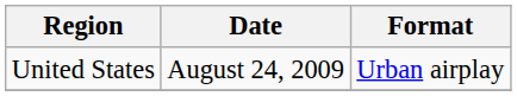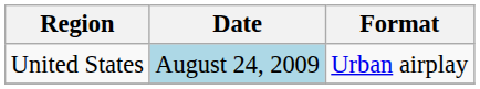 <table class="wikitable">
 <tr>
 <th>Region</th>
 <th>Date</th>
 <th>Format</th>
 </tr>
 <tr>
 <td rowspan="1">United States</td>
-<td>August 24, 2009</td>
+<td style="background: lightblue;">August 24, 2009</td>
 <td><a href='#'>Urban</a> airplay</td>
 </tr>
 <tr>
 </tr>
 </table>
